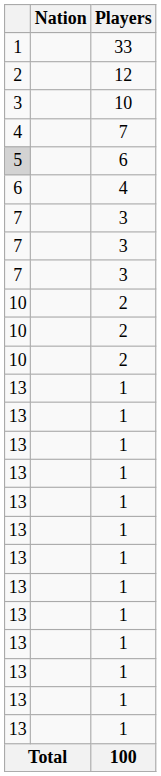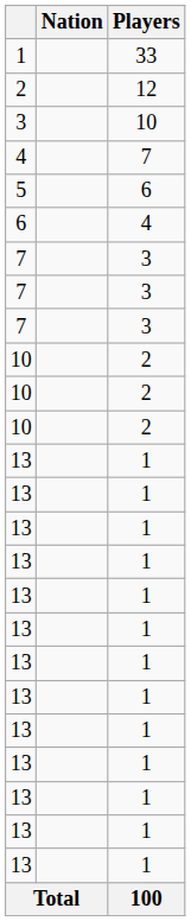 <table class="wikitable" style="text-align:center">
 <tr>
 <th></th>
 <th>Nation</th>
 <th>Players</th>
 </tr>
 <tr>
 <td>1</td>
 <td></td>
 <td>33</td>
 </tr>
 <tr>
 <td>2</td>
 <td></td>
 <td>12</td>
 </tr>
 <tr>
 <td>3</td>
 <td></td>
 <td>10</td>
 </tr>
 <tr>
 <td>4</td>
 <td></td>
 <td>7</td>
 </tr>
 <tr>
-<td style="background: lightgrey;">5</td>
+<td>5</td>
 <td></td>
 <td>6</td>
 </tr>
 <tr>
 <td>6</td>
 <td></td>
 <td>4</td>
 </tr>
 <tr>
 <td>7</td>
 <td></td>
 <td>3</td>
 </tr>
 <tr>
 <td>7</td>
 <td></td>
 <td>3</td>
 </tr>
 <tr>
 <td>7</td>
 <td></td>
 <td>3</td>
 </tr>
 <tr>
 <td>10</td>
 <td></td>
 <td>2</td>
 </tr>
 <tr>
 <td>10</td>
 <td></td>
 <td>2</td>
 </tr>
 <tr>
 <td>10</td>
 <td></td>
 <td>2</td>
 </tr>
 <tr>
 <td>13</td>
 <td></td>
 <td>1</td>
 </tr>
 <tr>
 <td>13</td>
 <td></td>
 <td>1</td>
 </tr>
 <tr>
 <td>13</td>
 <td></td>
 <td>1</td>
 </tr>
 <tr>
 <td>13</td>
 <td></td>
 <td>1</td>
 </tr>
 <tr>
 <td>13</td>
 <td></td>
 <td>1</td>
 </tr>
 <tr>
 <td>13</td>
 <td></td>
 <td>1</td>
 </tr>
 <tr>
 <td>13</td>
 <td></td>
 <td>1</td>
 </tr>
 <tr>
 <td>13</td>
 <td></td>
 <td>1</td>
 </tr>
 <tr>
 <td>13</td>
 <td></td>
 <td>1</td>
 </tr>
 <tr>
 <td>13</td>
 <td></td>
 <td>1</td>
 </tr>
 <tr>
 <td>13</td>
 <td></td>
 <td>1</td>
 </tr>
 <tr>
 <td>13</td>
 <td></td>
 <td>1</td>
 </tr>
 <tr>
 <td>13</td>
 <td></td>
 <td>1</td>
 </tr>
 <tr>
 <th colspan="2">Total</th>
 <th>100</th>
 </tr>
 <tr>
 </tr>
 </table>
